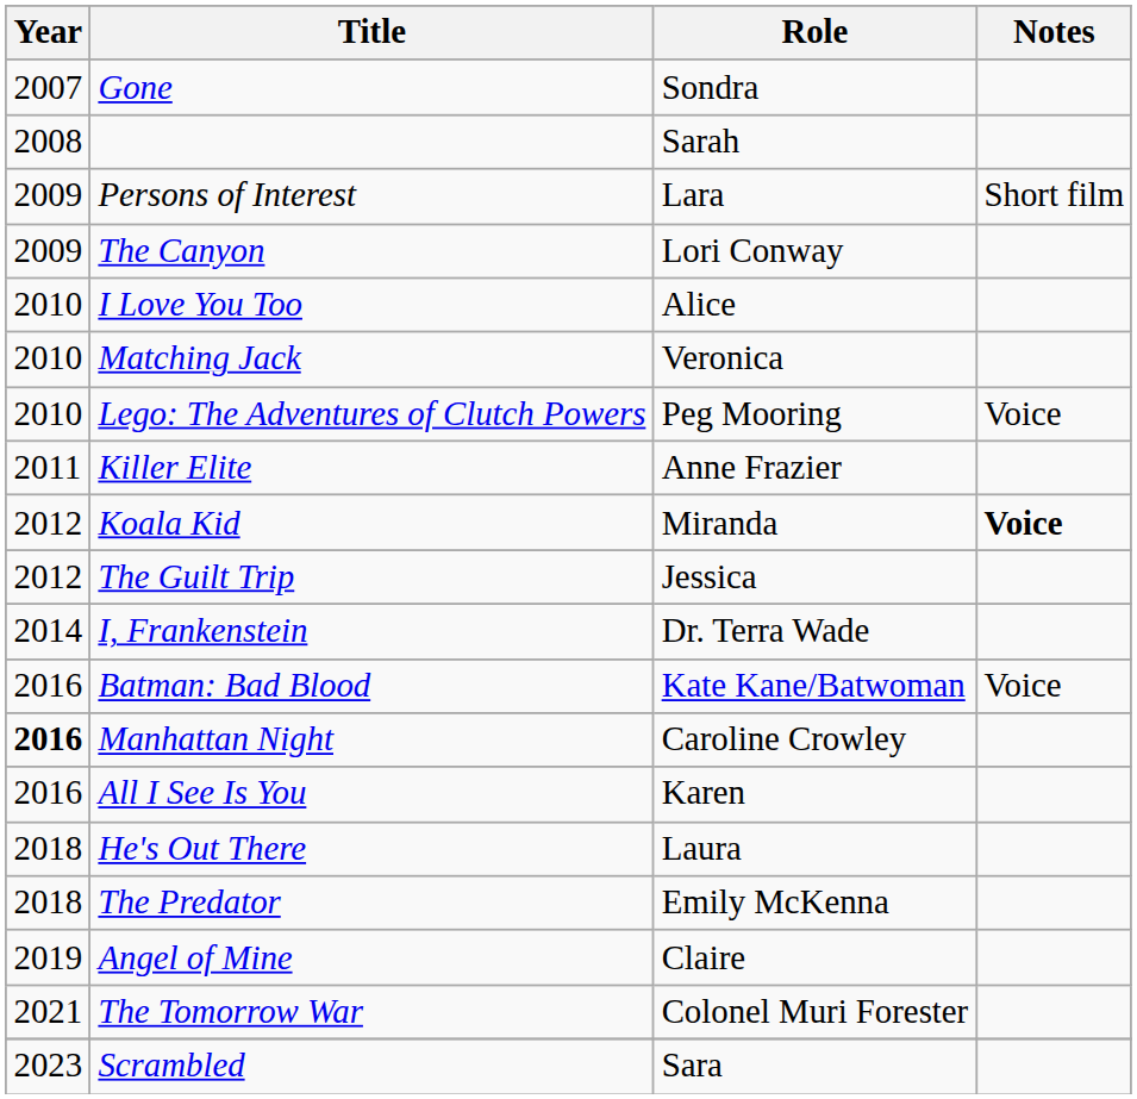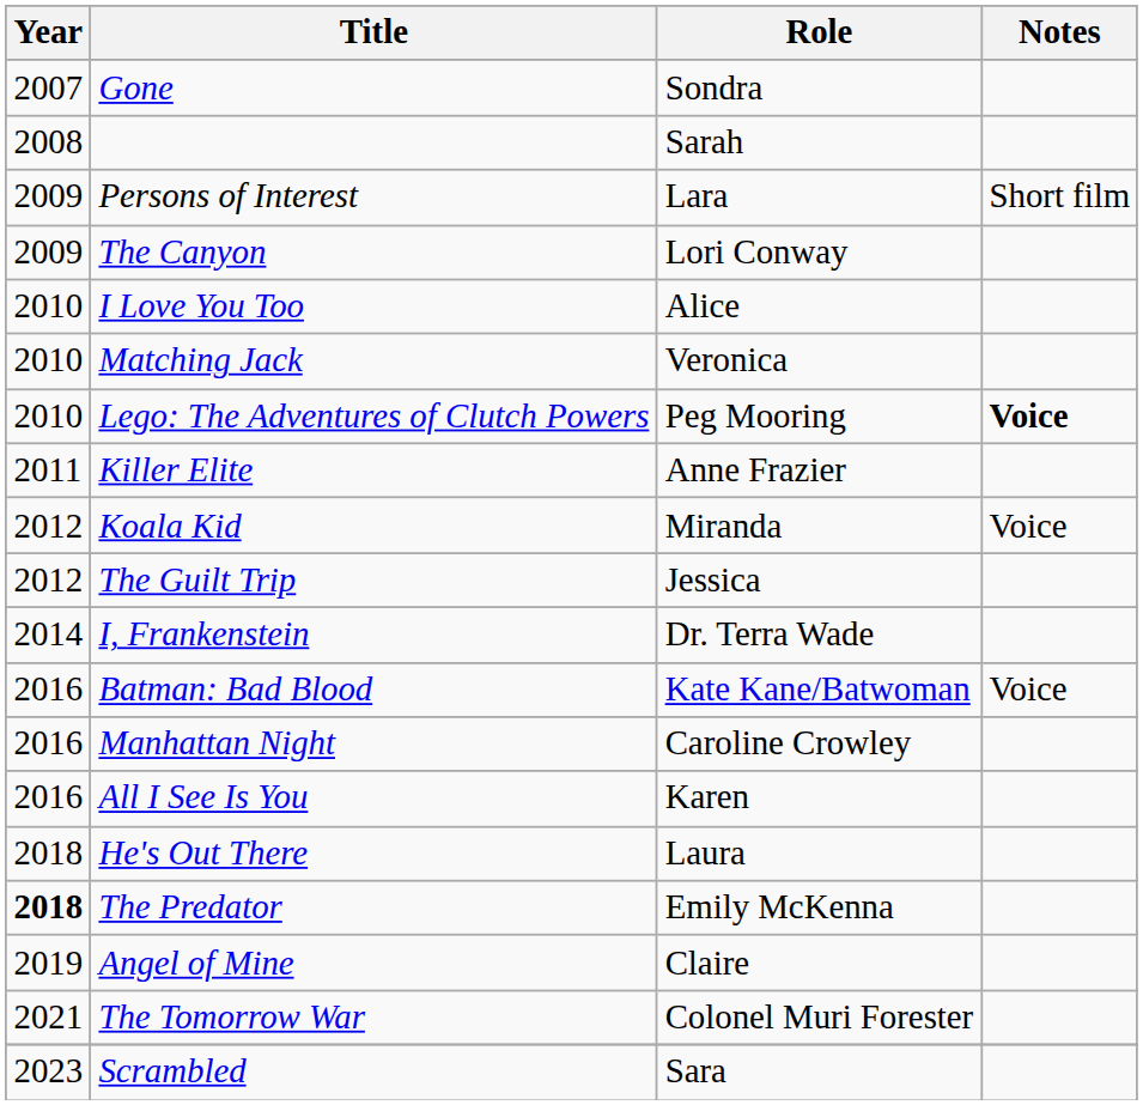 <table class="wikitable sortable">
 <tr>
 <th>Year</th>
 <th>Title</th>
 <th>Role</th>
 <th class="unsortable">Notes</th>
 </tr>
 <tr>
 <td>2007</td>
 <td><em><a href='#'>Gone</a></em></td>
 <td>Sondra</td>
 <td></td>
 </tr>
 <tr>
 <td>2008</td>
 <td><em></em></td>
 <td>Sarah</td>
 <td></td>
 </tr>
 <tr>
 <td>2009</td>
 <td><em>Persons of Interest</em></td>
 <td>Lara</td>
 <td>Short film</td>
 </tr>
 <tr>
 <td>2009</td>
 <td><em><a href='#'>The Canyon</a></em></td>
 <td>Lori Conway</td>
 <td></td>
 </tr>
 <tr>
 <td>2010</td>
 <td><em><a href='#'>I Love You Too</a></em></td>
 <td>Alice</td>
 <td></td>
 </tr>
 <tr>
 <td>2010</td>
 <td><em><a href='#'>Matching Jack</a></em></td>
 <td>Veronica</td>
 <td></td>
 </tr>
 <tr>
 <td>2010</td>
 <td><em><a href='#'>Lego: The Adventures of Clutch Powers</a></em></td>
 <td>Peg Mooring</td>
-<td>Voice</td>
+<td><strong>Voice</strong></td>
 </tr>
 <tr>
 <td>2011</td>
 <td><em><a href='#'>Killer Elite</a></em></td>
 <td>Anne Frazier</td>
 <td></td>
 </tr>
 <tr>
 <td>2012</td>
 <td><em><a href='#'>Koala Kid</a></em></td>
 <td>Miranda</td>
-<td><strong>Voice</strong></td>
+<td>Voice</td>
 </tr>
 <tr>
 <td>2012</td>
 <td><em><a href='#'>The Guilt Trip</a></em></td>
 <td>Jessica</td>
 <td></td>
 </tr>
 <tr>
 <td>2014</td>
 <td><em><a href='#'>I, Frankenstein</a></em></td>
 <td>Dr. Terra Wade</td>
 <td></td>
 </tr>
 <tr>
 <td>2016</td>
 <td><em><a href='#'>Batman: Bad Blood</a></em></td>
 <td><a href='#'>Kate Kane/Batwoman</a></td>
 <td>Voice</td>
 </tr>
 <tr>
-<td><strong>2016</strong></td>
+<td>2016</td>
 <td><em><a href='#'>Manhattan Night</a></em></td>
 <td>Caroline Crowley</td>
 <td></td>
 </tr>
 <tr>
 <td>2016</td>
 <td><em><a href='#'>All I See Is You</a></em></td>
 <td>Karen</td>
 <td></td>
 </tr>
 <tr>
 <td>2018</td>
 <td><em><a href='#'>He's Out There</a></em></td>
 <td>Laura</td>
 <td></td>
 </tr>
 <tr>
-<td>2018</td>
+<td><strong>2018</strong></td>
 <td><em><a href='#'>The Predator</a></em></td>
 <td>Emily McKenna</td>
 <td></td>
 </tr>
 <tr>
 <td>2019</td>
 <td><em><a href='#'>Angel of Mine</a></em></td>
 <td>Claire</td>
 <td></td>
 </tr>
 <tr>
 <td>2021</td>
 <td><em><a href='#'>The Tomorrow War</a></em></td>
 <td>Colonel Muri Forester</td>
 <td></td>
 </tr>
 <tr>
 </tr>
 <tr>
 <td>2023</td>
 <td><em><a href='#'>Scrambled</a></em></td>
 <td>Sara</td>
 <td></td>
 </tr>
 </table>
